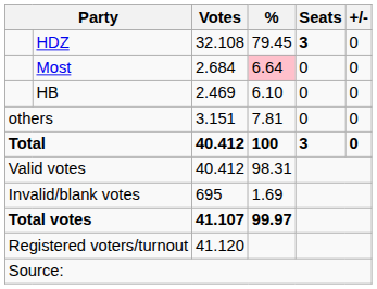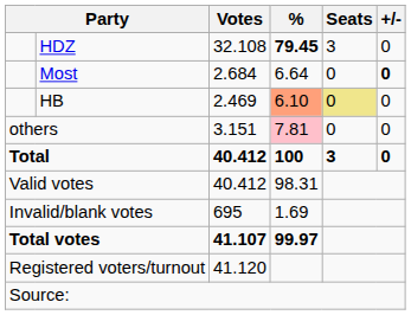 <table class="wikitable" style="text-align: left;">
 <tr>
 <th colspan="2">Party</th>
 <th>Votes</th>
 <th>%</th>
 <th>Seats</th>
 <th>+/-</th>
 </tr>
 <tr>
 <td style="background-color: "></td>
 <td><a href='#'>HDZ</a></td>
 <td>32.108</td>
-<td>79.45</td>
-<td><strong>3</strong></td>
+<td><strong>79.45</strong></td>
+<td>3</td>
 <td>0</td>
 </tr>
 <tr>
 <td style="background-color: "></td>
 <td><a href='#'>Most</a></td>
 <td>2.684</td>
-<td style="background: pink;">6.64</td>
+<td>6.64</td>
 <td>0</td>
-<td>0</td>
+<td><strong>0</strong></td>
 </tr>
 <tr>
 <td style="background-color: "></td>
 <td>HB</td>
 <td>2.469</td>
-<td>6.10</td>
-<td>0</td>
+<td style="background: lightsalmon;">6.10</td>
+<td style="background: khaki;">0</td>
 <td>0</td>
 </tr>
 <tr>
 <td colspan="2">others</td>
 <td>3.151</td>
-<td>7.81</td>
+<td style="background: pink;">7.81</td>
 <td>0</td>
 <td>0</td>
 </tr>
 <tr>
 <td colspan="2"><strong>Total</strong></td>
 <td><strong>40.412</strong></td>
 <td><strong>100</strong></td>
 <td><strong>3</strong></td>
 <td><strong>0</strong></td>
 </tr>
 <tr>
 <td colspan="2">Valid votes</td>
 <td>40.412</td>
 <td>98.31</td>
 <td colspan="2"></td>
 </tr>
 <tr>
 <td colspan="2">Invalid/blank votes</td>
 <td>695</td>
 <td>1.69</td>
 <td colspan="2"></td>
 </tr>
 <tr>
 <td colspan="2"><strong>Total votes</strong></td>
 <td><strong>41.107</strong></td>
 <td><strong>99.97</strong></td>
 <td colspan="2"></td>
 </tr>
 <tr>
 <td colspan="2">Registered voters/turnout</td>
 <td votes14="5343">41.120</td>
 <td></td>
 <td colspan="2"></td>
 </tr>
 <tr>
 <td colspan="6">Source: </td>
 </tr>
 </table>
